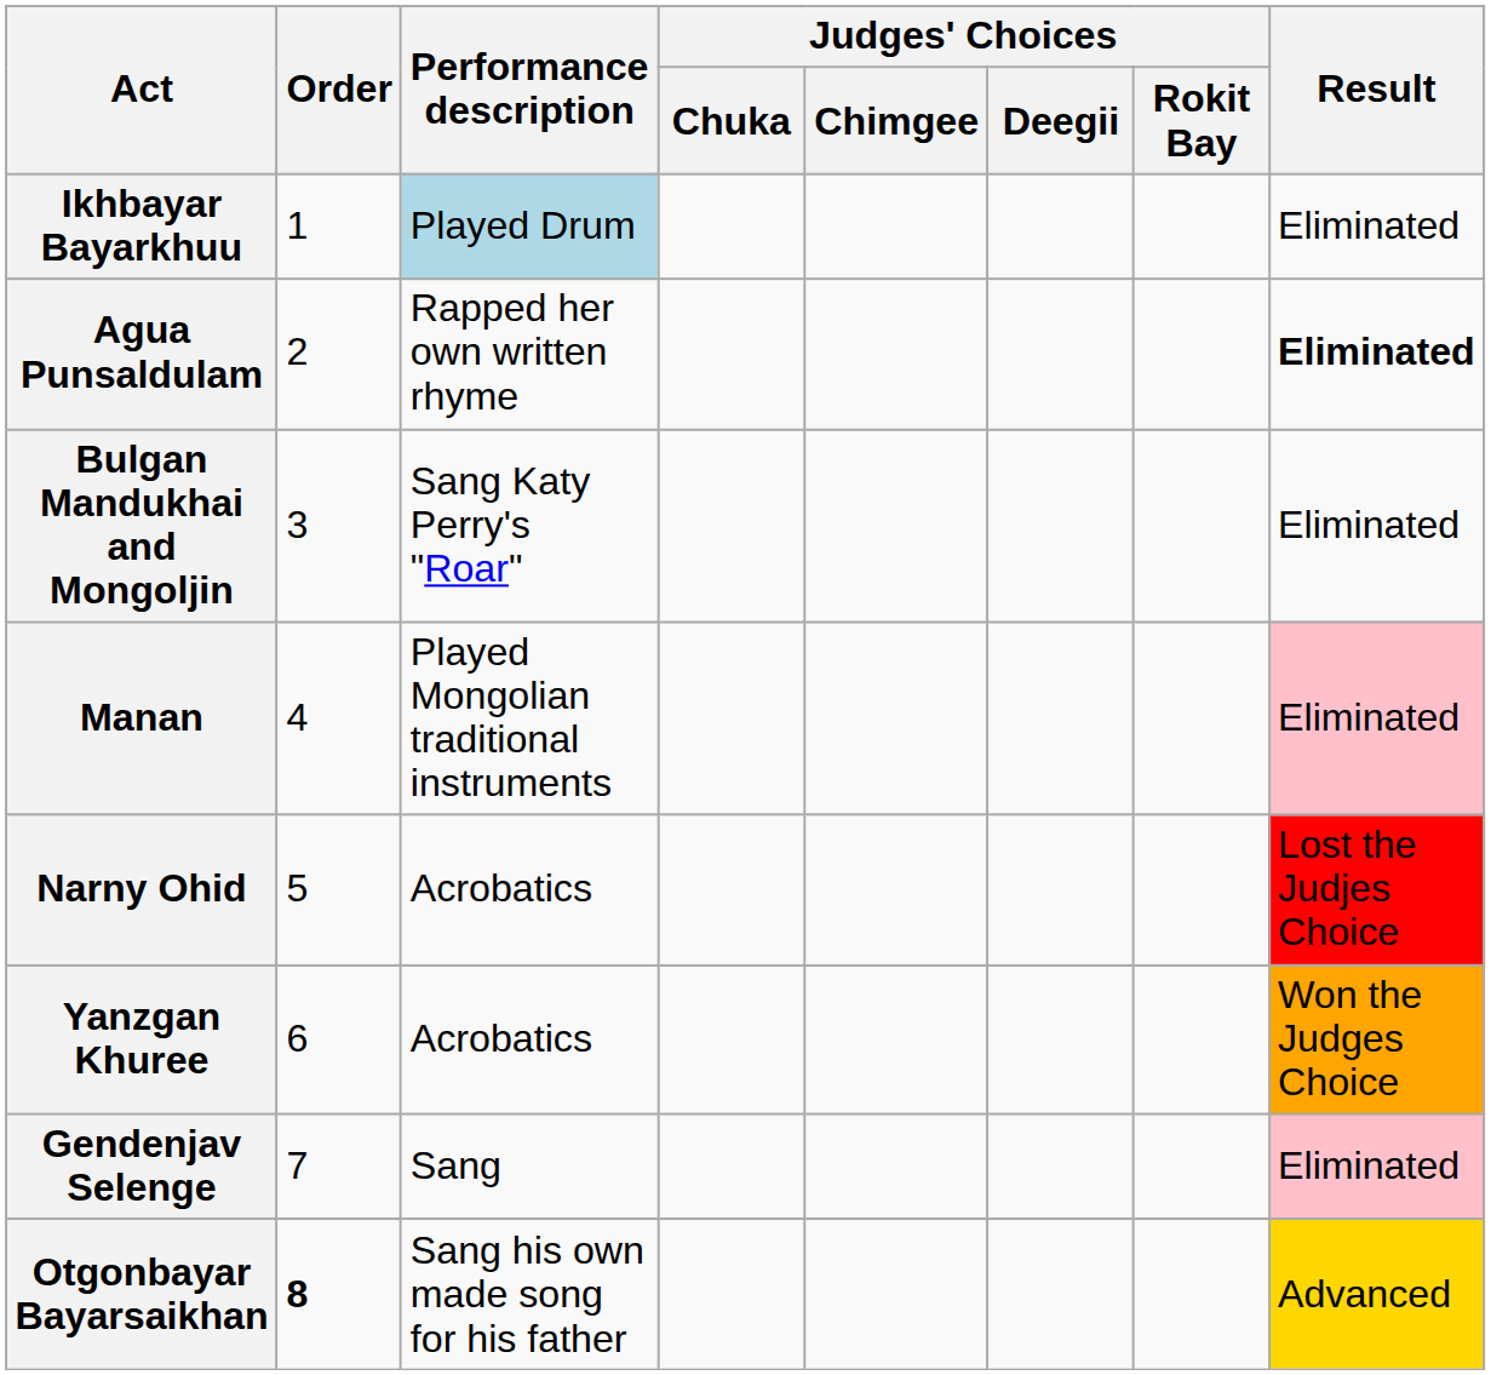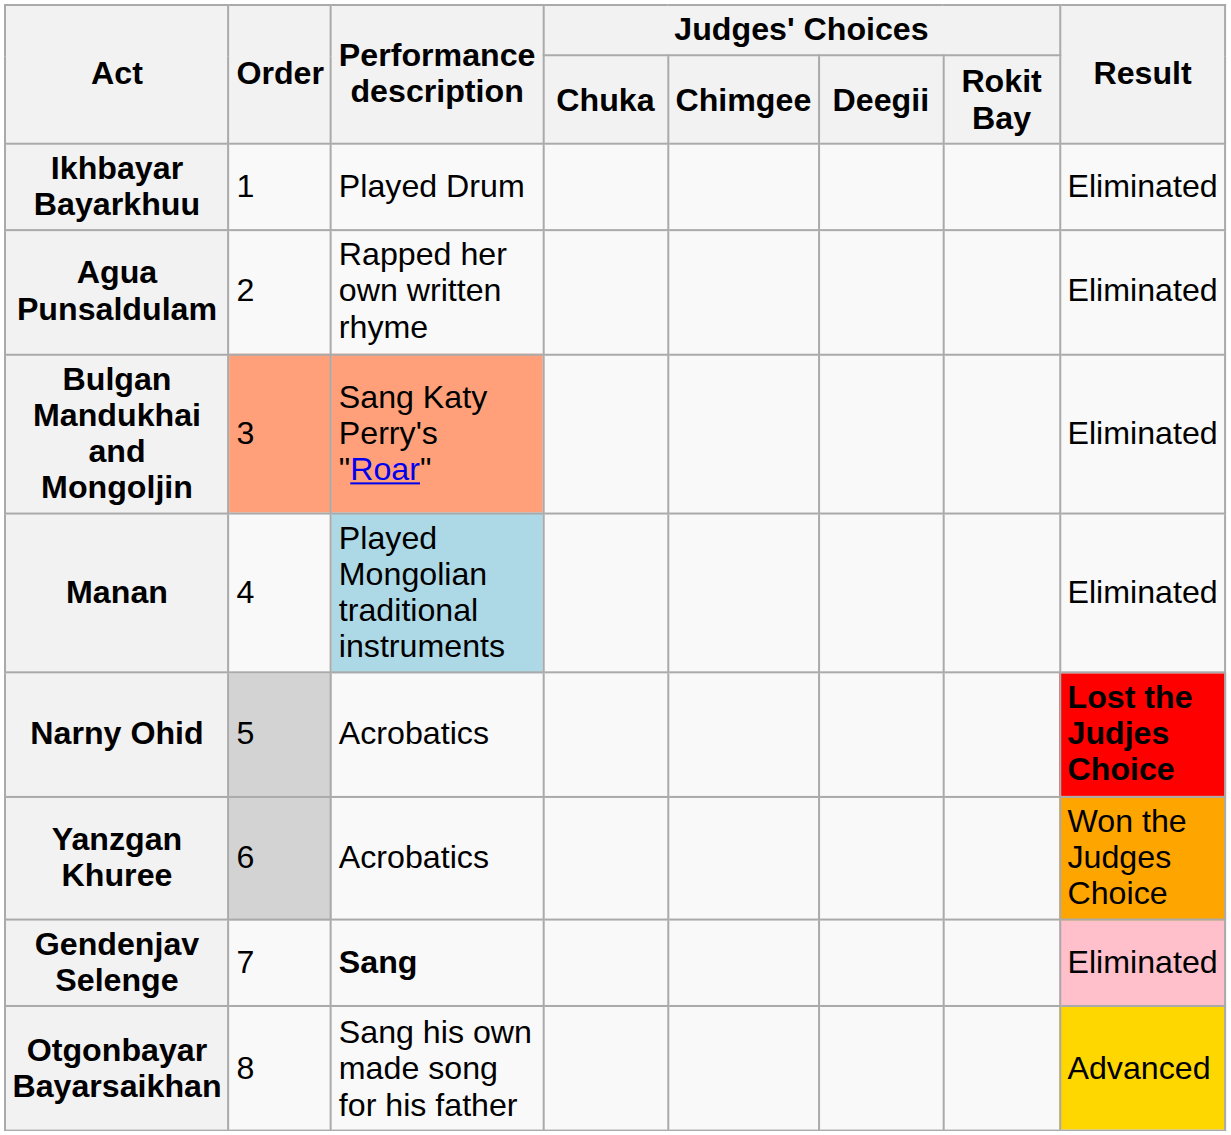 <table class="wikitable plainrowheaders">
 <tr>
 <th rowspan=2>Act</th>
 <th rowspan=2>Order</th>
 <th rowspan=2>Performance description</th>
 <th colspan=4>Judges' Choices</th>
 <th rowspan=2 colspan=2>Result</th>
 </tr>
 <tr>
 <th style="width:60px;">Chuka</th>
 <th style="width:60px;">Chimgee</th>
 <th style="width:60px;">Deegii</th>
 <th style="width:60px;">Rokit Bay</th>
 </tr>
 <tr>
 <th scope="row">Ikhbayar Bayarkhuu</th>
 <td>1</td>
-<td style="background: lightblue;">Played Drum</td>
+<td>Played Drum</td>
 <td></td>
 <td></td>
 <td></td>
 <td></td>
 <td>Eliminated</td>
 </tr>
 <tr>
 <th scope="row">Agua Punsaldulam</th>
 <td>2</td>
 <td>Rapped her own written rhyme</td>
 <td></td>
 <td></td>
 <td></td>
 <td></td>
-<td><strong>Eliminated</strong></td>
+<td>Eliminated</td>
 </tr>
 <tr>
 <th scope="row">Bulgan Mandukhai and Mongoljin</th>
-<td>3</td>
-<td>Sang Katy Perry's "<a href='#'>Roar</a>"</td>
+<td style="background: lightsalmon;">3</td>
+<td style="background: lightsalmon;">Sang Katy Perry's "<a href='#'>Roar</a>"</td>
 <td></td>
 <td></td>
 <td></td>
 <td></td>
 <td>Eliminated</td>
 </tr>
 <tr>
 <th scope="row">Manan</th>
 <td>4</td>
-<td>Played Mongolian traditional instruments</td>
+<td style="background: lightblue;">Played Mongolian traditional instruments</td>
 <td></td>
 <td></td>
 <td></td>
 <td></td>
-<td style="background: pink;">Eliminated</td>
+<td>Eliminated</td>
 </tr>
 <tr>
 <th scope="row">Narny Ohid</th>
-<td>5</td>
+<td style="background: lightgrey;">5</td>
 <td>Acrobatics</td>
 <td></td>
 <td></td>
 <td></td>
 <td style="text-align:center;"></td>
-<td style="background: red">Lost the Judjes Choice</td>
+<td style="background: red"><strong>Lost the Judjes Choice</strong></td>
 </tr>
 <tr>
 <th scope="row">Yanzgan Khuree</th>
-<td>6</td>
+<td style="background: lightgrey;">6</td>
 <td>Acrobatics</td>
 <td style="text-align:center;"></td>
 <td style="text-align:center;"></td>
 <td style="text-align:center;"></td>
 <td></td>
 <td style="background: orange">Won the Judges Choice</td>
 </tr>
 <tr>
 <th scope="row">Gendenjav Selenge</th>
 <td>7</td>
-<td>Sang</td>
+<td><strong>Sang</strong></td>
 <td></td>
 <td></td>
 <td></td>
 <td></td>
 <td style="background: pink;">Eliminated</td>
 </tr>
 <tr>
 <th scope="row">Otgonbayar Bayarsaikhan</th>
-<td><strong>8</strong></td>
+<td>8</td>
 <td>Sang his own made song for his father</td>
 <td></td>
 <td></td>
 <td></td>
 <td></td>
 <td style="background: gold">Advanced</td>
 </tr>
 </table>
